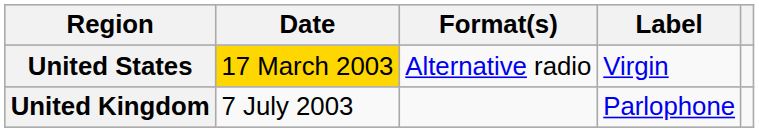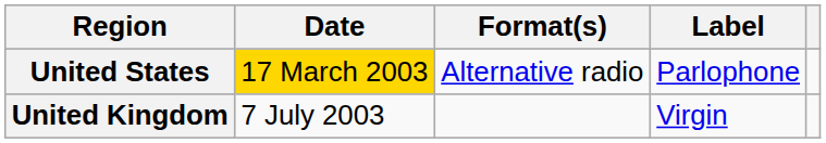 <table class="wikitable plainrowheaders">
 <tr>
 <th scope="col">Region</th>
 <th scope="col">Date</th>
 <th scope="col">Format(s)</th>
 <th scope="col">Label</th>
 <th scope="col"></th>
 </tr>
 <tr>
 <th scope="row">United States</th>
 <td style="background: gold;">17 March 2003</td>
 <td><a href='#'>Alternative</a> radio</td>
-<td><a href='#'>Virgin</a></td>
+<td><a href='#'>Parlophone</a></td>
 <td></td>
 </tr>
 <tr>
 <th scope="row">United Kingdom</th>
 <td rowspan="3">7 July 2003</td>
 <td></td>
-<td><a href='#'>Parlophone</a></td>
+<td><a href='#'>Virgin</a></td>
 <td></td>
 </tr>
 </table>
